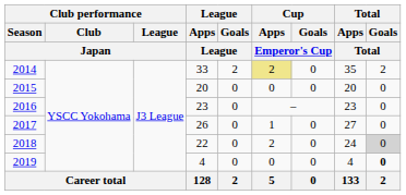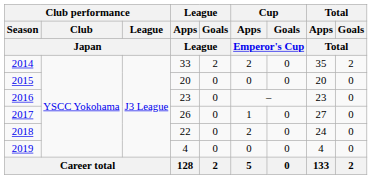 <table class="wikitable" style="text-align:center">
 <tr>
 <th colspan=3>Club performance</th>
 <th colspan=2>League</th>
 <th colspan=2>Cup</th>
 <th colspan=2>Total</th>
 </tr>
 <tr>
 <th>Season</th>
 <th>Club</th>
 <th>League</th>
 <th>Apps</th>
 <th>Goals</th>
 <th>Apps</th>
 <th>Goals</th>
 <th>Apps</th>
 <th>Goals</th>
 </tr>
 <tr>
 <th colspan=3>Japan</th>
 <th colspan=2>League</th>
 <th colspan=2><a href='#'>Emperor's Cup</a></th>
 <th colspan=2>Total</th>
 </tr>
 <tr>
 <td><a href='#'>2014</a></td>
 <td rowspan="6"><a href='#'>YSCC Yokohama</a></td>
 <td rowspan="6"><a href='#'>J3 League</a></td>
 <td>33</td>
 <td>2</td>
-<td style="background: khaki;">2</td>
+<td>2</td>
 <td>0</td>
 <td>35</td>
 <td>2</td>
 </tr>
 <tr>
 <td><a href='#'>2015</a></td>
 <td>20</td>
 <td>0</td>
 <td>0</td>
 <td>0</td>
 <td>20</td>
 <td>0</td>
 </tr>
 <tr>
 <td><a href='#'>2016</a></td>
 <td>23</td>
 <td>0</td>
 <td colspan="2">–</td>
 <td>23</td>
 <td>0</td>
 </tr>
 <tr>
 <td><a href='#'>2017</a></td>
 <td>26</td>
 <td>0</td>
 <td>1</td>
 <td>0</td>
 <td>27</td>
 <td>0</td>
 </tr>
 <tr>
 <td><a href='#'>2018</a></td>
 <td>22</td>
 <td>0</td>
 <td>2</td>
 <td>0</td>
 <td>24</td>
-<td style="background: lightgrey;">0</td>
+<td>0</td>
 </tr>
 <tr>
 <td><a href='#'>2019</a></td>
 <td>4</td>
 <td>0</td>
 <td>0</td>
 <td>0</td>
 <td>4</td>
-<td><strong>0</strong></td>
+<td>0</td>
 </tr>
 <tr>
 <th colspan=3>Career total</th>
 <th>128</th>
 <th>2</th>
 <th>5</th>
 <th>0</th>
 <th>133</th>
 <th>2</th>
 </tr>
 </table>
